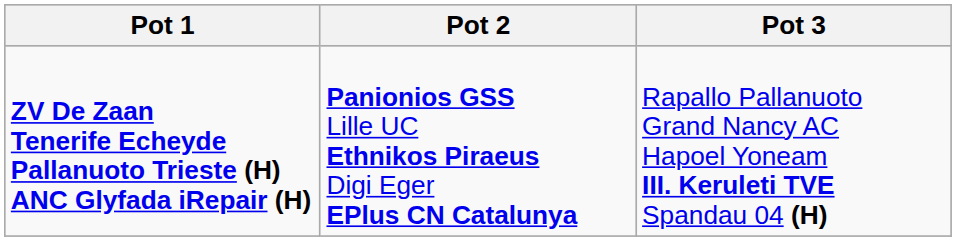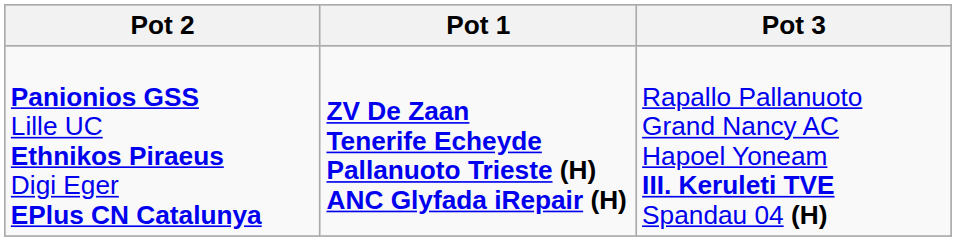 <table class="wikitable collapsible">
 <tr>
+<th width=33%>Pot 2</th>
 <th width=33%>Pot 1</th>
-<th width=33%>Pot 2</th>
 <th width=33%>Pot 3</th>
 </tr>
 <tr>
+<td><br> <strong><a href='#'>Panionios GSS</a></strong><br>  <a href='#'>Lille UC</a><br>  <strong><a href='#'>Ethnikos Piraeus</a></strong><br>  <a href='#'>Digi Eger</a><br>  <strong><a href='#'>EPlus CN Catalunya</a></strong></td>
 <td><br> <strong><a href='#'>ZV De Zaan</a></strong> <br>  <strong><a href='#'>Tenerife Echeyde</a></strong><br>  <strong><a href='#'>Pallanuoto Trieste</a></strong> <strong>(H)</strong><br>  <strong><a href='#'>ANC Glyfada iRepair</a></strong> <strong>(H)</strong></td>
-<td><br> <strong><a href='#'>Panionios GSS</a></strong><br>  <a href='#'>Lille UC</a><br>  <strong><a href='#'>Ethnikos Piraeus</a></strong><br>  <a href='#'>Digi Eger</a><br>  <strong><a href='#'>EPlus CN Catalunya</a></strong></td>
 <td><br> <a href='#'>Rapallo Pallanuoto</a><br>  <a href='#'>Grand Nancy AC</a><br>  <a href='#'>Hapoel Yoneam</a><br>  <strong><a href='#'>III. Keruleti TVE</a></strong> <br>  <a href='#'>Spandau 04</a> <strong>(H)</strong></td>
 </tr>
 </table>
